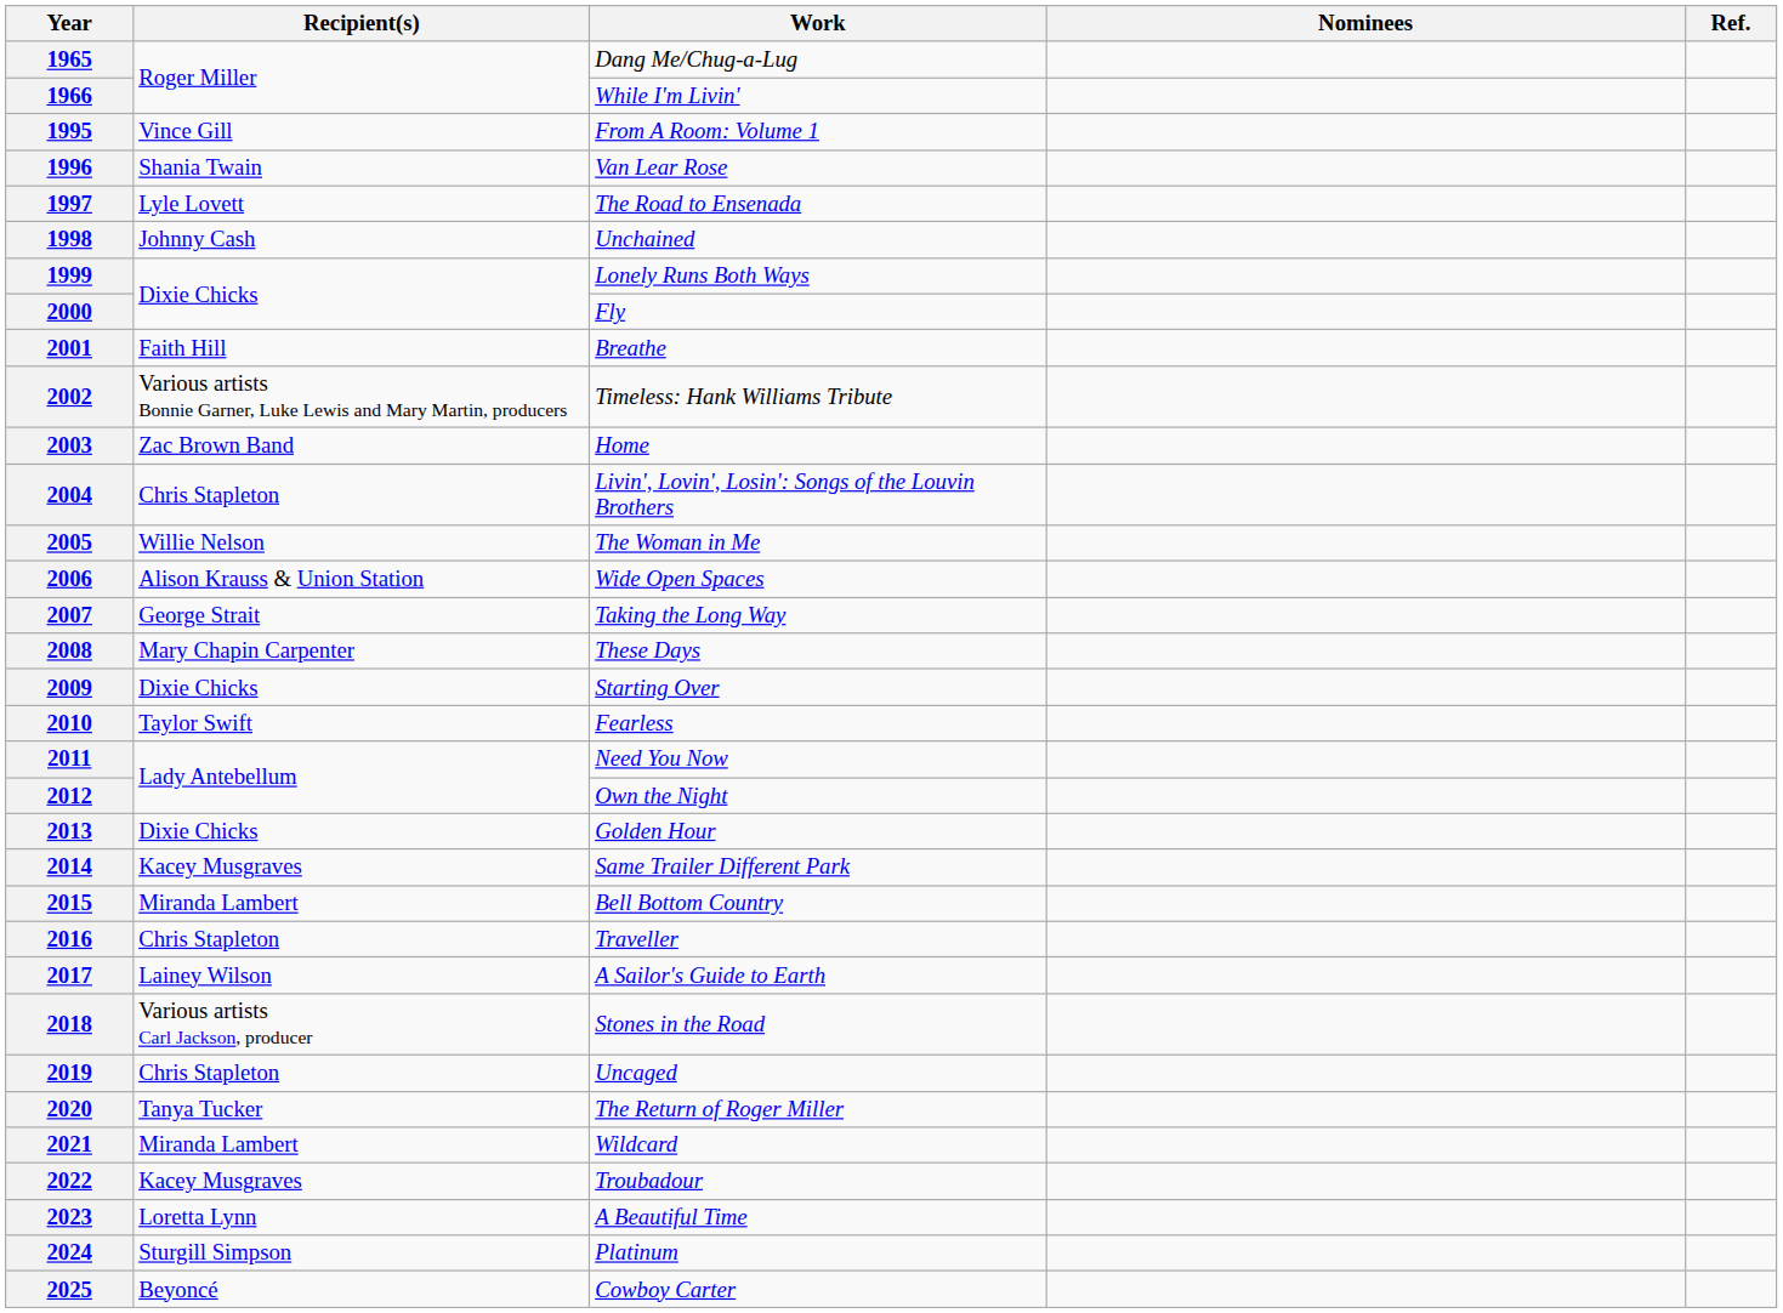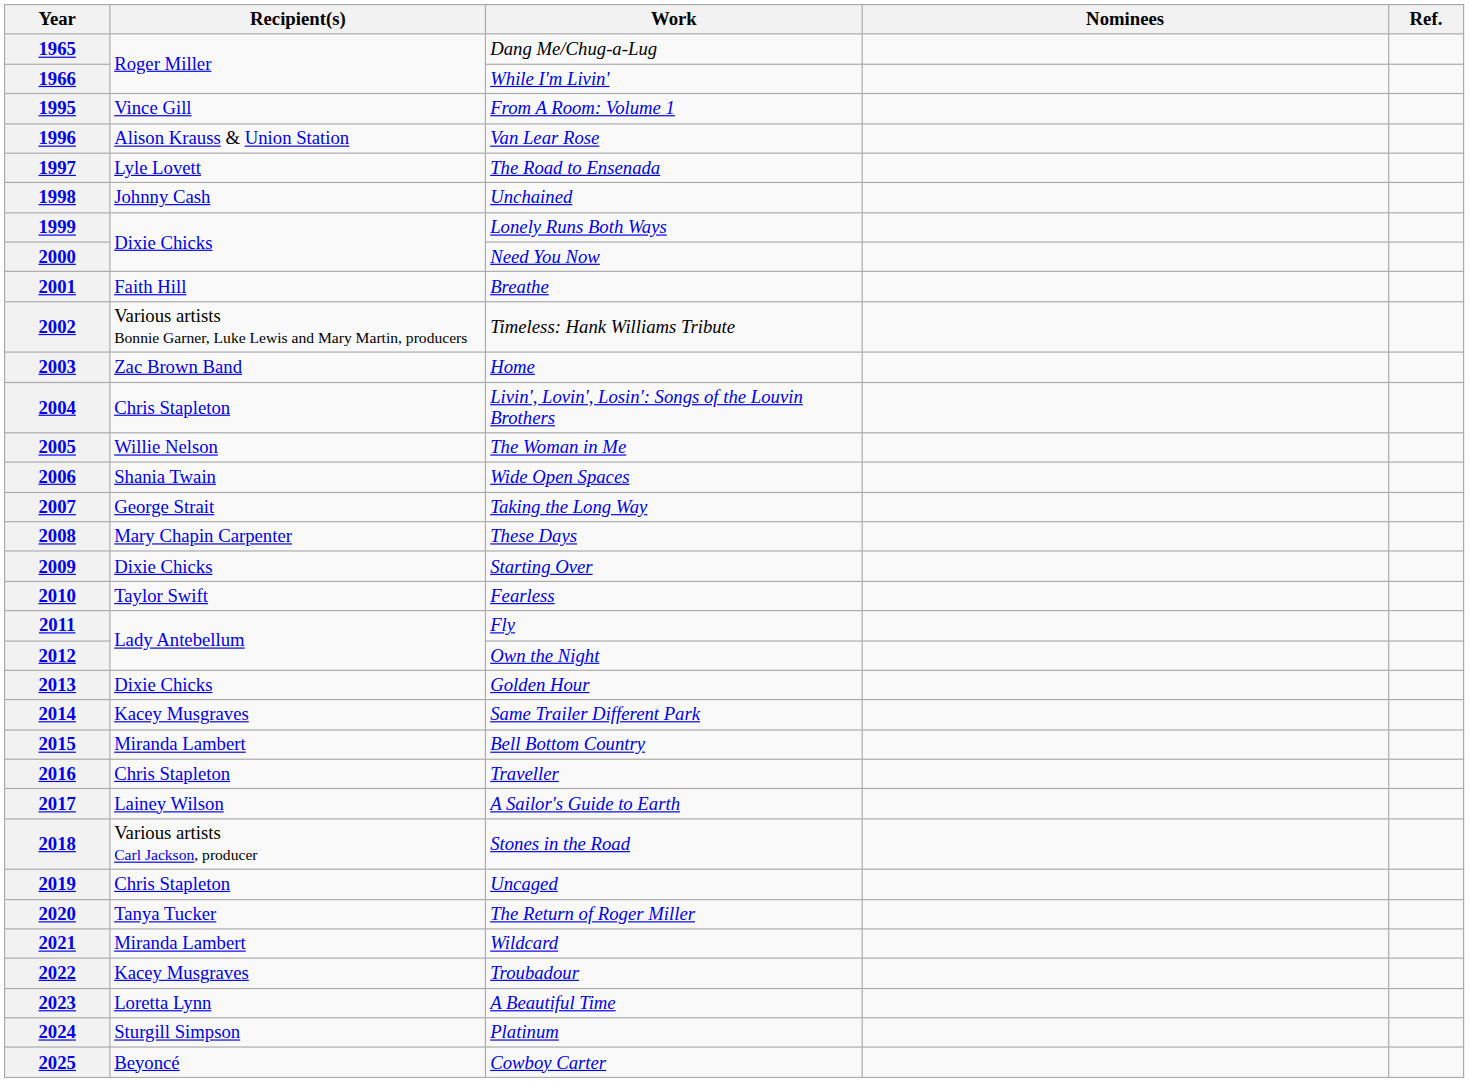 <table class="wikitable">
 <tr>
 <th width="7%">Year</th>
 <th width="25%">Recipient(s)</th>
 <th width="25%">Work</th>
 <th width="35%" class=unsortable>Nominees</th>
 <th width="5%" class=unsortable>Ref.</th>
 </tr>
 <tr>
 <th scope="row" style="text-align:center;"><a href='#'>1965</a></th>
 <td rowspan="2"><a href='#'>Roger Miller</a></td>
 <td><em>Dang Me/Chug-a-Lug</em></td>
 <td></td>
 <td style="text-align:center;"></td>
 </tr>
 <tr>
 <th scope="row" style="text-align:center;"><a href='#'>1966</a></th>
 <td><em><a href='#'>While I'm Livin'</a></em></td>
 <td></td>
 <td style="text-align:center;"></td>
 </tr>
 <tr>
 <th scope="row" style="text-align:center;"><a href='#'>1995</a></th>
 <td><a href='#'>Vince Gill</a></td>
 <td><em><a href='#'>From A Room: Volume 1</a></em></td>
 <td></td>
 <td style="text-align:center;"></td>
 </tr>
 <tr>
 <th scope="row" style="text-align:center;"><a href='#'>1996</a></th>
-<td><a href='#'>Shania Twain</a></td>
+<td><a href='#'>Alison Krauss</a> & <a href='#'>Union Station</a></td>
 <td><em><a href='#'>Van Lear Rose</a></em></td>
 <td></td>
 <td style="text-align:center;"></td>
 </tr>
 <tr>
 <th scope="row" style="text-align:center;"><a href='#'>1997</a></th>
 <td><a href='#'>Lyle Lovett</a></td>
 <td><em><a href='#'>The Road to Ensenada</a></em></td>
 <td></td>
 <td style="text-align:center;"></td>
 </tr>
 <tr>
 <th scope="row" style="text-align:center;"><a href='#'>1998</a></th>
 <td><a href='#'>Johnny Cash</a></td>
 <td><em><a href='#'>Unchained</a></em></td>
 <td></td>
 <td style="text-align:center;"></td>
 </tr>
 <tr>
 <th scope="row" style="text-align:center;"><a href='#'>1999</a></th>
 <td rowspan="2"><a href='#'>Dixie Chicks</a></td>
 <td><em><a href='#'>Lonely Runs Both Ways</a></em></td>
 <td></td>
 <td style="text-align:center;"></td>
 </tr>
 <tr>
 <th scope="row" style="text-align:center;"><a href='#'>2000</a></th>
-<td><em><a href='#'>Fly</a></em></td>
+<td><em><a href='#'>Need You Now</a></em></td>
 <td></td>
 <td style="text-align:center;"></td>
 </tr>
 <tr>
 <th scope="row" style="text-align:center;"><a href='#'>2001</a></th>
 <td><a href='#'>Faith Hill</a></td>
 <td><em><a href='#'>Breathe</a></em></td>
 <td></td>
 <td style="text-align:center;"></td>
 </tr>
 <tr>
 <th scope="row" style="text-align:center;"><a href='#'>2002</a></th>
 <td>Various artists<br> <small>Bonnie Garner, Luke Lewis and Mary Martin, producers</small></td>
 <td><em>Timeless: Hank Williams Tribute</em></td>
 <td></td>
 <td style="text-align:center;"></td>
 </tr>
 <tr>
 <th scope="row" style="text-align:center;"><a href='#'>2003</a></th>
 <td><a href='#'>Zac Brown Band</a></td>
 <td><em><a href='#'>Home</a></em></td>
 <td></td>
 <td style="text-align:center;"></td>
 </tr>
 <tr>
 <th scope="row" style="text-align:center;"><a href='#'>2004</a></th>
 <td><a href='#'>Chris Stapleton</a></td>
 <td><em><a href='#'>Livin', Lovin', Losin': Songs of the Louvin Brothers</a></em></td>
 <td></td>
 <td style="text-align:center;"></td>
 </tr>
 <tr>
 <th scope="row" style="text-align:center;"><a href='#'>2005</a></th>
 <td><a href='#'>Willie Nelson</a></td>
 <td><em><a href='#'>The Woman in Me</a></em></td>
 <td></td>
 <td style="text-align:center;"></td>
 </tr>
 <tr>
 <th scope="row" style="text-align:center;"><a href='#'>2006</a></th>
-<td><a href='#'>Alison Krauss</a> & <a href='#'>Union Station</a></td>
+<td><a href='#'>Shania Twain</a></td>
 <td><em><a href='#'>Wide Open Spaces</a></em></td>
 <td></td>
 <td style="text-align:center;"></td>
 </tr>
 <tr>
 <th scope="row" style="text-align:center;"><a href='#'>2007</a></th>
 <td><a href='#'>George Strait</a></td>
 <td><em><a href='#'>Taking the Long Way</a></em></td>
 <td></td>
 <td style="text-align:center;"></td>
 </tr>
 <tr>
 <th scope="row" style="text-align:center;"><a href='#'>2008</a></th>
 <td><a href='#'>Mary Chapin Carpenter</a></td>
 <td><em><a href='#'>These Days</a></em></td>
 <td></td>
 <td style="text-align:center;"></td>
 </tr>
 <tr>
 <th scope="row" style="text-align:center;"><a href='#'>2009</a></th>
 <td><a href='#'>Dixie Chicks</a></td>
 <td><em><a href='#'>Starting Over</a></em></td>
 <td></td>
 <td style="text-align:center;"></td>
 </tr>
 <tr>
 <th scope="row" style="text-align:center;"><a href='#'>2010</a></th>
 <td><a href='#'>Taylor Swift</a></td>
 <td><em><a href='#'>Fearless</a></em></td>
 <td></td>
 <td style="text-align:center;"></td>
 </tr>
 <tr>
 <th scope="row" style="text-align:center;"><a href='#'>2011</a></th>
 <td rowspan="2"><a href='#'>Lady Antebellum</a></td>
-<td><em><a href='#'>Need You Now</a></em></td>
+<td><em><a href='#'>Fly</a></em></td>
 <td></td>
 <td style="text-align:center;"></td>
 </tr>
 <tr>
 <th scope="row" style="text-align:center;"><a href='#'>2012</a></th>
 <td><em><a href='#'>Own the Night</a></em></td>
 <td></td>
 <td style="text-align:center;"></td>
 </tr>
 <tr>
 <th scope="row" style="text-align:center;"><a href='#'>2013</a></th>
 <td><a href='#'>Dixie Chicks</a></td>
 <td><em><a href='#'>Golden Hour</a></em></td>
 <td></td>
 <td style="text-align:center;"></td>
 </tr>
 <tr>
 <th scope="row" style="text-align:center;"><a href='#'>2014</a></th>
 <td><a href='#'>Kacey Musgraves</a></td>
 <td><em><a href='#'>Same Trailer Different Park</a></em></td>
 <td></td>
 <td style="text-align:center;"></td>
 </tr>
 <tr>
 <th scope="row" style="text-align:center;"><a href='#'>2015</a></th>
 <td><a href='#'>Miranda Lambert</a></td>
 <td><em><a href='#'>Bell Bottom Country</a></em></td>
 <td></td>
 <td style="text-align:center;"></td>
 </tr>
 <tr>
 <th scope="row" style="text-align:center;"><a href='#'>2016</a></th>
 <td><a href='#'>Chris Stapleton</a></td>
 <td><em><a href='#'>Traveller</a></em></td>
 <td></td>
 <td style="text-align:center;"></td>
 </tr>
 <tr>
 <th scope="row" style="text-align:center;"><a href='#'>2017</a></th>
 <td><a href='#'>Lainey Wilson</a></td>
 <td><em><a href='#'>A Sailor's Guide to Earth</a></em></td>
 <td></td>
 <td style="text-align:center;"></td>
 </tr>
 <tr>
 <th scope="row" style="text-align:center;"><a href='#'>2018</a></th>
 <td>Various artists<br> <small><a href='#'>Carl Jackson</a>, producer</small></td>
 <td><em><a href='#'>Stones in the Road</a></em></td>
 <td></td>
 <td style="text-align:center;"></td>
 </tr>
 <tr>
 <th scope="row" style="text-align:center;"><a href='#'>2019</a></th>
 <td><a href='#'>Chris Stapleton</a></td>
 <td><em><a href='#'>Uncaged</a></em></td>
 <td></td>
 <td style="text-align:center;"></td>
 </tr>
 <tr>
 <th scope="row" style="text-align:center;"><a href='#'>2020</a></th>
 <td><a href='#'>Tanya Tucker</a></td>
 <td><em><a href='#'>The Return of Roger Miller</a></em></td>
 <td></td>
 <td style="text-align:center;"></td>
 </tr>
 <tr>
 <th scope="row" style="text-align:center;"><a href='#'>2021</a></th>
 <td><a href='#'>Miranda Lambert</a></td>
 <td><em><a href='#'>Wildcard</a></em></td>
 <td></td>
 <td style="text-align:center;"></td>
 </tr>
 <tr>
 <th scope="row" style="text-align:center;"><a href='#'>2022</a></th>
 <td><a href='#'>Kacey Musgraves</a></td>
 <td><em><a href='#'>Troubadour</a></em></td>
 <td></td>
 <td style="text-align:center;"></td>
 </tr>
 <tr>
 <th scope="row" style="text-align:center;"><a href='#'>2023</a></th>
 <td><a href='#'>Loretta Lynn</a></td>
 <td><em><a href='#'>A Beautiful Time</a></em></td>
 <td></td>
 <td style="text-align:center;"></td>
 </tr>
 <tr>
 <th><a href='#'>2024</a></th>
 <td><a href='#'>Sturgill Simpson</a></td>
 <td><em><a href='#'>Platinum</a></em></td>
 <td></td>
 <td></td>
 </tr>
 <tr>
 <th><a href='#'>2025</a></th>
 <td><a href='#'>Beyoncé</a></td>
 <td><em><a href='#'>Cowboy Carter</a></em></td>
 <td></td>
 <td></td>
 </tr>
 </table>
